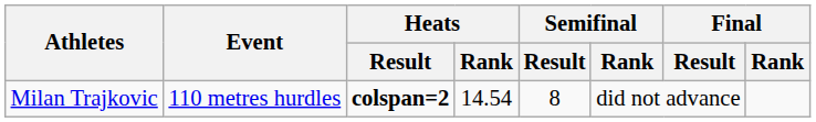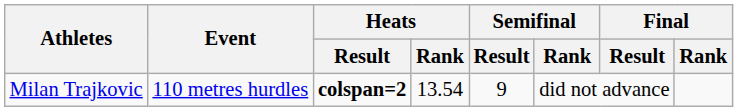 <table class="wikitable" border="1" style="font-size:90%">
 <tr>
 <th rowspan="2">Athletes</th>
 <th rowspan="2">Event</th>
 <th colspan="2">Heats</th>
 <th colspan="2">Semifinal</th>
 <th colspan="2">Final</th>
 </tr>
 <tr>
 <th>Result</th>
 <th>Rank</th>
 <th>Result</th>
 <th>Rank</th>
 <th>Result</th>
 <th>Rank</th>
 </tr>
 <tr>
 <td><a href='#'>Milan Trajkovic</a></td>
 <td><a href='#'>110 metres hurdles</a></td>
 <td><strong>colspan=2 </strong></td>
-<td align=center>14.54</td>
-<td align=center>8</td>
+<td align=center>13.54</td>
+<td align=center>9</td>
 <td align=center colspan=2>did not advance</td>
 </tr>
 </table>
